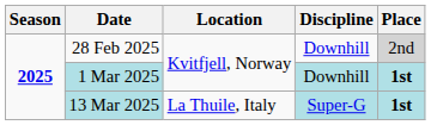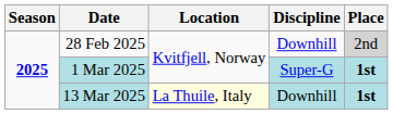 <table class="wikitable" style="font-size:95%; text-align:center;">
 <tr>
 <th>Season</th>
 <th>Date</th>
 <th>Location</th>
 <th>Discipline</th>
 <th>Place</th>
 </tr>
 <tr>
 <td rowspan=3><strong><a href='#'>2025</a></strong></td>
 <td align=right>28 Feb 2025</td>
 <td align=left rowspan=2> <a href='#'>Kvitfjell</a>, Norway</td>
 <td><a href='#'>Downhill</a></td>
 <td style="background: lightgrey;">2nd</td>
 </tr>
 <tr>
 <td align=right bgcolor="#BOEOE6">1 Mar 2025</td>
-<td bgcolor="#BOEOE6">Downhill</td>
+<td bgcolor="#BOEOE6"><a href='#'>Super-G</a></td>
 <td bgcolor="#BOEOE6"><strong>1st</strong></td>
 </tr>
 <tr>
 <td align=right bgcolor="#BOEOE6">13 Mar 2025</td>
-<td align=left> <a href='#'>La Thuile</a>, Italy</td>
-<td bgcolor="#BOEOE6"><a href='#'>Super-G</a></td>
+<td align=left style="background: lightyellow;"> <a href='#'>La Thuile</a>, Italy</td>
+<td bgcolor="#BOEOE6">Downhill</td>
 <td bgcolor="#BOEOE6"><strong>1st</strong></td>
 </tr>
 </table>
